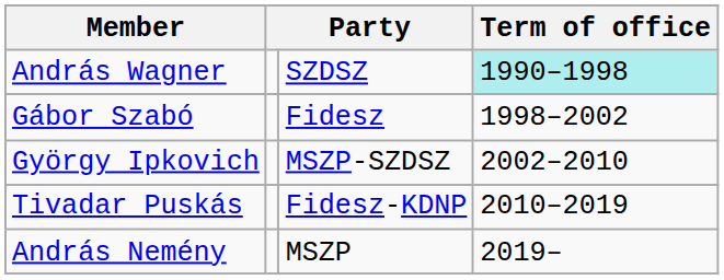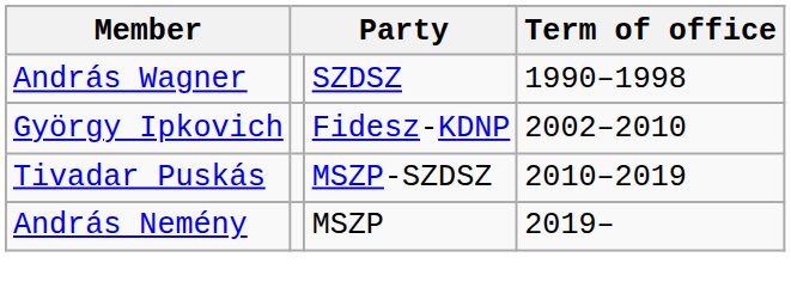 <table class=wikitable>
 <tr>
 <th>Member</th>
 <th colspan=2>Party</th>
 <th>Term of office</th>
 </tr>
 <tr>
 <td><a href='#'>András Wagner</a></td>
 <td style="background-color:"></td>
 <td><a href='#'>SZDSZ</a></td>
-<td style="background: paleturquoise;">1990–1998</td>
-</tr>
-<tr>
-<td><a href='#'>Gábor Szabó</a></td>
-<td style="background-color:"></td>
-<td><a href='#'>Fidesz</a></td>
-<td>1998–2002</td>
+<td>1990–1998</td>
 </tr>
 <tr>
 <td><a href='#'>György Ipkovich</a></td>
 <td style="background-color:"></td>
-<td><a href='#'>MSZP</a>-SZDSZ</td>
+<td><a href='#'>Fidesz</a>-<a href='#'>KDNP</a></td>
 <td>2002–2010</td>
 </tr>
 <tr>
 <td><a href='#'>Tivadar Puskás</a></td>
 <td style="background-color:"></td>
-<td><a href='#'>Fidesz</a>-<a href='#'>KDNP</a></td>
+<td><a href='#'>MSZP</a>-SZDSZ</td>
 <td>2010–2019</td>
 </tr>
 <tr>
 <td><a href='#'>András Nemény</a></td>
 <td style="background-color:"></td>
 <td>MSZP</td>
 <td>2019–</td>
 </tr>
 </table>
